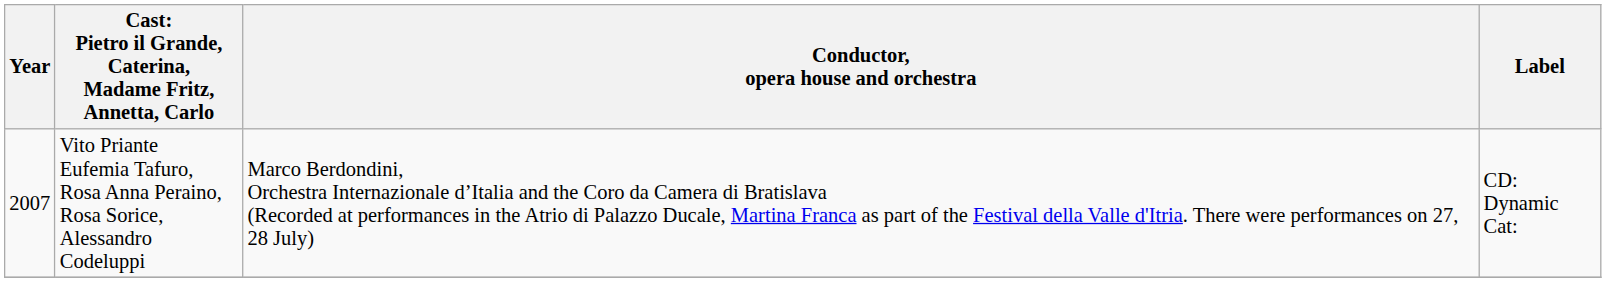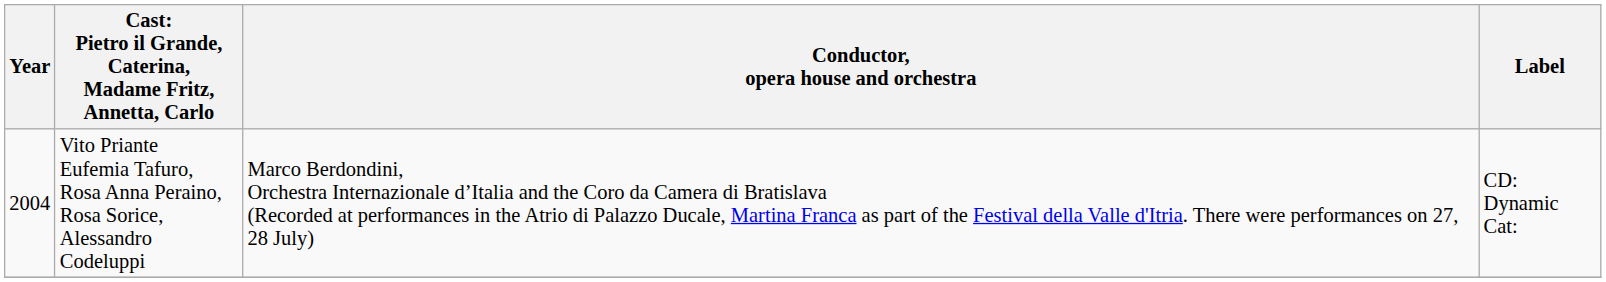 <table class="wikitable">
 <tr>
 <th>Year</th>
 <th>Cast:<br>Pietro il Grande,<br>Caterina,<br>Madame Fritz,<br>Annetta, Carlo</th>
 <th>Conductor,<br>opera house and orchestra</th>
 <th>Label</th>
 </tr>
 <tr>
-<td>2007</td>
+<td>2004</td>
 <td>Vito Priante<br>Eufemia Tafuro,<br>Rosa Anna Peraino,<br>Rosa Sorice,<br>Alessandro Codeluppi</td>
 <td>Marco Berdondini,<br>Orchestra Internazionale d’Italia and the Coro da Camera di Bratislava<br>(Recorded at performances in the Atrio di Palazzo Ducale, <a href='#'>Martina Franca</a> as part of the <a href='#'>Festival della Valle d'Itria</a>. There were performances on 27, 28 July)</td>
 <td>CD: Dynamic<br> Cat: <br></td>
 </tr>
 <tr>
 </tr>
 </table>
